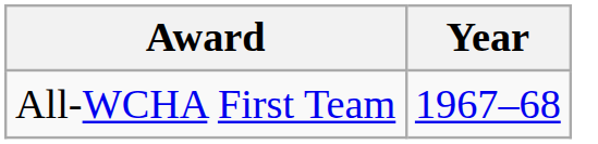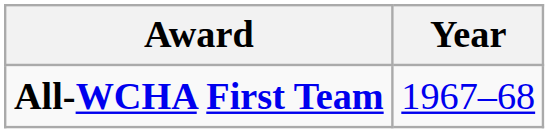 <table class="wikitable">
 <tr>
 <th>Award</th>
 <th>Year</th>
 </tr>
 <tr>
-<td>All-<a href='#'>WCHA</a> <a href='#'>First Team</a></td>
+<td><strong>All-<a href='#'>WCHA</a> <a href='#'>First Team</a></strong></td>
 <td><a href='#'>1967–68</a></td>
 </tr>
 </table>
